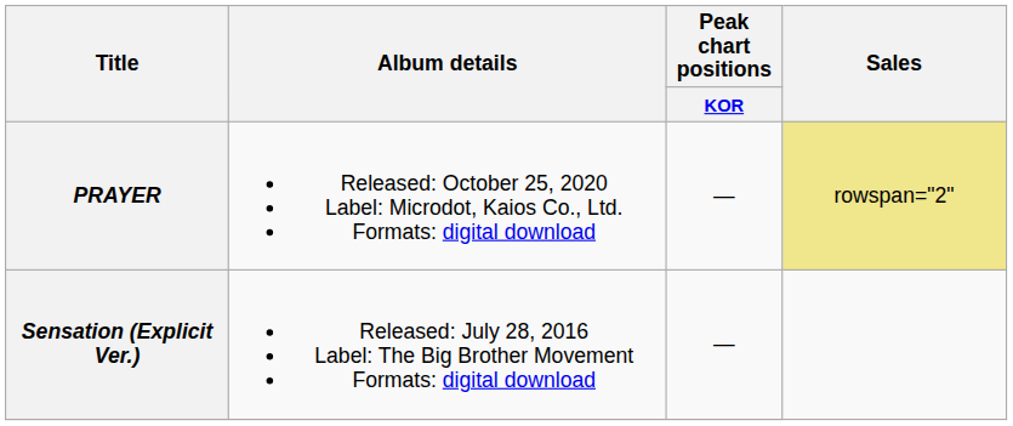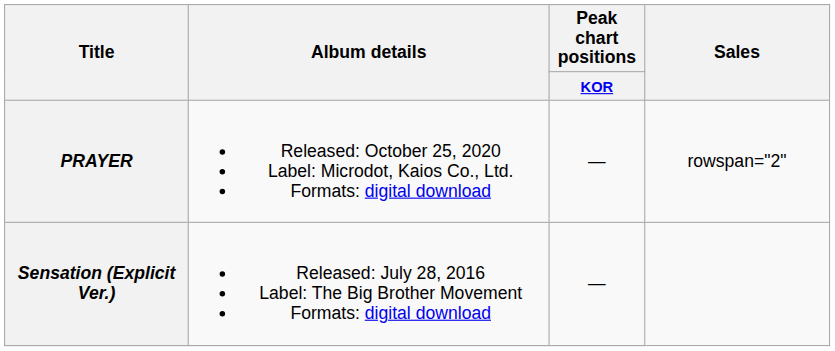 <table class="wikitable plainrowheaders" style="text-align:center;">
 <tr>
 <th scope="col" rowspan="2" style="width:10em;">Title</th>
 <th scope="col" rowspan="2" style="width:20em;">Album details</th>
 <th scope="col" colspan="1" style="width:5em;">Peak chart positions</th>
 <th scope="col" rowspan="2" style="width:10em;">Sales</th>
 </tr>
 <tr>
 <th><small><a href='#'>KOR</a></small><br></th>
 </tr>
 <tr>
 <th scope="row"><em>PRAYER</em></th>
 <td><br><ul><li>Released: October 25, 2020</li><li>Label: Microdot, Kaios Co., Ltd.</li><li>Formats: <a href='#'>digital download</a></li></ul></td>
 <td>—</td>
-<td style="background: khaki;">rowspan="2" </td>
+<td>rowspan="2" </td>
 </tr>
 <tr>
 <th scope="row"><em>Sensation (Explicit Ver.)</em></th>
 <td><br><ul><li>Released: July 28, 2016</li><li>Label: The Big Brother Movement</li><li>Formats: <a href='#'>digital download</a></li></ul></td>
 <td>—</td>
 </tr>
 <tr>
 </tr>
 </table>
